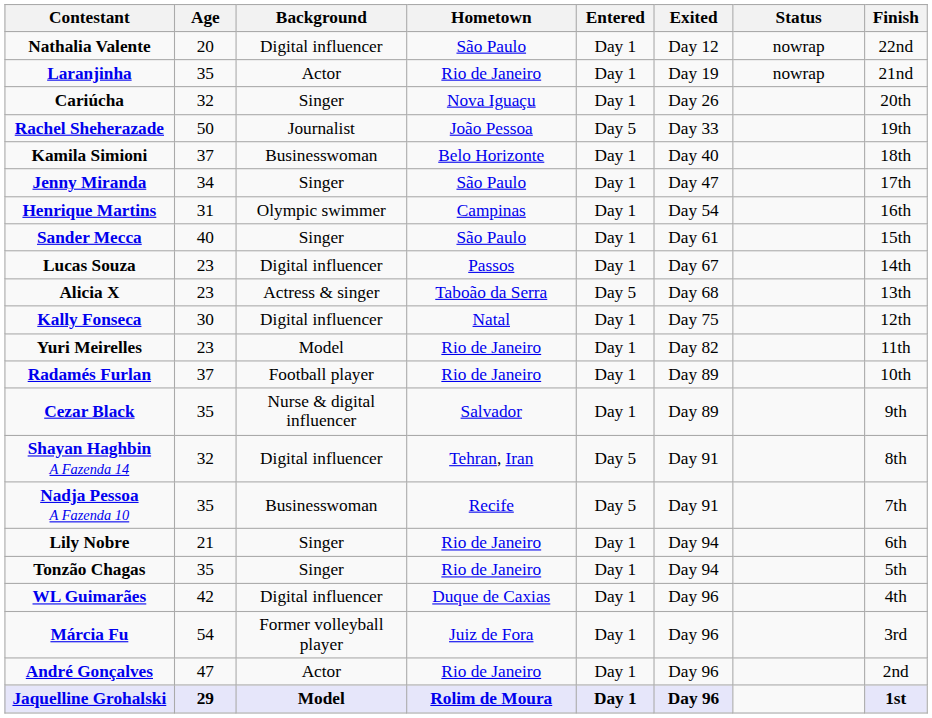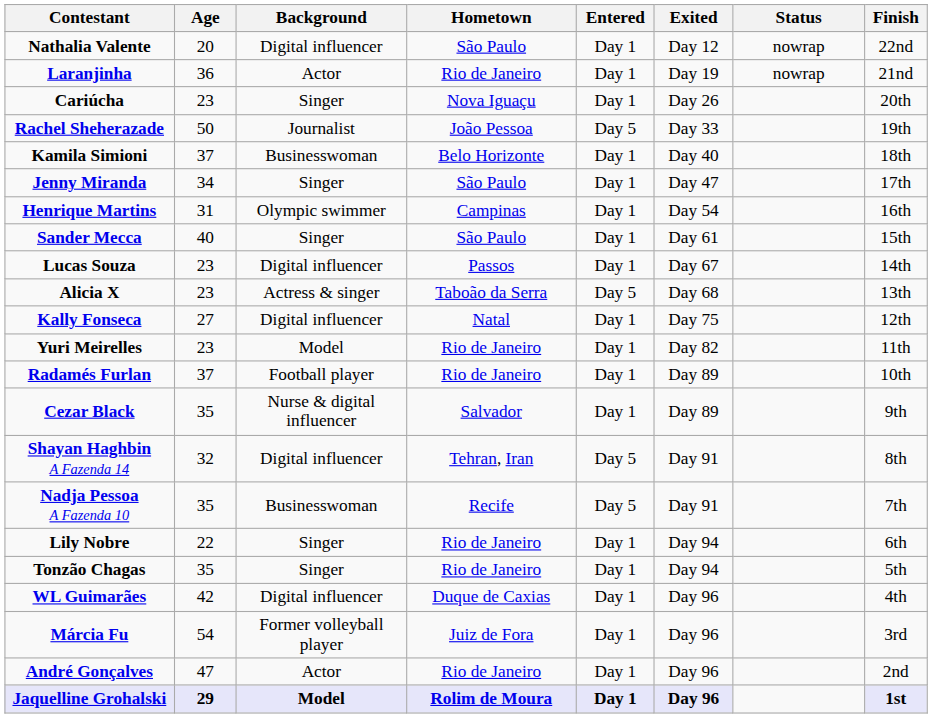 <table class= "wikitable sortable" style="text-align: center; margin:auto; align: center">
 <tr>
 <th width=150>Contestant</th>
 <th width=050>Age</th>
 <th width=150>Background </th>
 <th width=150>Hometown</th>
 <th width=065>Entered</th>
 <th width=065>Exited</th>
 <th width=115>Status</th>
 <th width=050>Finish</th>
 </tr>
 <tr>
 <td><strong>Nathalia Valente</strong></td>
 <td>20</td>
 <td>Digital influencer</td>
 <td><a href='#'>São Paulo</a></td>
 <td>Day 1</td>
 <td>Day 12</td>
 <td>nowrap </td>
 <td>22nd</td>
 </tr>
 <tr>
 <td><strong><a href='#'>Laranjinha</a></strong></td>
-<td>35</td>
+<td>36</td>
 <td>Actor</td>
 <td><a href='#'>Rio de Janeiro</a></td>
 <td>Day 1</td>
 <td>Day 19</td>
 <td>nowrap </td>
 <td>21nd</td>
 </tr>
 <tr>
 <td><strong>Cariúcha</strong></td>
-<td>32</td>
+<td>23</td>
 <td>Singer</td>
 <td><a href='#'>Nova Iguaçu</a></td>
 <td>Day 1</td>
 <td>Day 26</td>
 <td></td>
 <td>20th</td>
 </tr>
 <tr>
 <td><strong><a href='#'>Rachel Sheherazade</a></strong></td>
 <td>50</td>
 <td>Journalist</td>
 <td><a href='#'>João Pessoa</a></td>
 <td>Day 5</td>
 <td>Day 33</td>
 <td></td>
 <td>19th</td>
 </tr>
 <tr>
 <td><strong>Kamila Simioni</strong> </td>
 <td>37</td>
 <td>Businesswoman</td>
 <td><a href='#'>Belo Horizonte</a></td>
 <td>Day 1</td>
 <td>Day 40</td>
 <td></td>
 <td>18th</td>
 </tr>
 <tr>
 <td><strong><a href='#'>Jenny Miranda</a></strong></td>
 <td>34</td>
 <td>Singer</td>
 <td><a href='#'>São Paulo</a></td>
 <td>Day 1</td>
 <td>Day 47</td>
 <td></td>
 <td>17th</td>
 </tr>
 <tr>
 <td><strong><a href='#'>Henrique Martins</a></strong></td>
 <td>31</td>
 <td>Olympic swimmer</td>
 <td><a href='#'>Campinas</a></td>
 <td>Day 1</td>
 <td>Day 54</td>
 <td></td>
 <td>16th</td>
 </tr>
 <tr>
 <td><strong><a href='#'>Sander Mecca</a></strong></td>
 <td>40</td>
 <td>Singer</td>
 <td><a href='#'>São Paulo</a></td>
 <td>Day 1</td>
 <td>Day 61</td>
 <td></td>
 <td>15th</td>
 </tr>
 <tr>
 <td><strong>Lucas Souza</strong></td>
 <td>23</td>
 <td>Digital influencer</td>
 <td><a href='#'>Passos</a></td>
 <td>Day 1</td>
 <td>Day 67</td>
 <td></td>
 <td>14th</td>
 </tr>
 <tr>
 <td><strong>Alicia X</strong></td>
 <td>23</td>
 <td>Actress & singer</td>
 <td><a href='#'>Taboão da Serra</a></td>
 <td>Day 5</td>
 <td>Day 68</td>
 <td></td>
 <td>13th</td>
 </tr>
 <tr>
 <td><strong><a href='#'>Kally Fonseca</a></strong></td>
-<td>30</td>
+<td>27</td>
 <td>Digital influencer</td>
 <td><a href='#'>Natal</a></td>
 <td>Day 1</td>
 <td>Day 75</td>
 <td></td>
 <td>12th</td>
 </tr>
 <tr>
 <td><strong>Yuri Meirelles</strong></td>
 <td>23</td>
 <td>Model</td>
 <td><a href='#'>Rio de Janeiro</a></td>
 <td>Day 1</td>
 <td>Day 82</td>
 <td></td>
 <td>11th</td>
 </tr>
 <tr>
 <td><strong><a href='#'>Radamés Furlan</a></strong></td>
 <td>37</td>
 <td>Football player</td>
 <td><a href='#'>Rio de Janeiro</a></td>
 <td>Day 1</td>
 <td>Day 89</td>
 <td></td>
 <td>10th</td>
 </tr>
 <tr>
 <td nowrap><strong><a href='#'>Cezar Black</a></strong> </td>
 <td>35</td>
 <td>Nurse & digital influencer</td>
 <td><a href='#'>Salvador</a></td>
 <td>Day 1</td>
 <td>Day 89</td>
 <td></td>
 <td>9th</td>
 </tr>
 <tr>
 <td><strong><a href='#'>Shayan Haghbin</a></strong><br><small><em><a href='#'>A Fazenda 14</a></em></small></td>
 <td>32</td>
 <td>Digital influencer</td>
 <td><a href='#'>Tehran</a>, <a href='#'>Iran</a></td>
 <td>Day 5</td>
 <td>Day 91</td>
 <td></td>
 <td>8th</td>
 </tr>
 <tr>
 <td><strong><a href='#'>Nadja Pessoa</a></strong><br><small><em><a href='#'>A Fazenda 10</a></em></small></td>
 <td>35</td>
 <td>Businesswoman</td>
 <td><a href='#'>Recife</a></td>
 <td>Day 5</td>
 <td>Day 91</td>
 <td></td>
 <td>7th</td>
 </tr>
 <tr>
 <td><strong>Lily Nobre</strong></td>
-<td>21</td>
+<td>22</td>
 <td>Singer</td>
 <td><a href='#'>Rio de Janeiro</a></td>
 <td>Day 1</td>
 <td>Day 94</td>
 <td></td>
 <td>6th</td>
 </tr>
 <tr>
 <td><strong>Tonzão Chagas</strong></td>
 <td>35</td>
 <td>Singer</td>
 <td><a href='#'>Rio de Janeiro</a></td>
 <td>Day 1</td>
 <td>Day 94</td>
 <td></td>
 <td>5th</td>
 </tr>
 <tr>
 <td><strong><a href='#'>WL Guimarães</a></strong></td>
 <td>42</td>
 <td>Digital influencer</td>
 <td nowrap><a href='#'>Duque de Caxias</a></td>
 <td>Day 1</td>
 <td>Day 96</td>
 <td></td>
 <td>4th</td>
 </tr>
 <tr>
 <td><strong><a href='#'>Márcia Fu</a></strong></td>
 <td>54</td>
 <td>Former volleyball player</td>
 <td><a href='#'>Juiz de Fora</a></td>
 <td>Day 1</td>
 <td>Day 96</td>
 <td></td>
 <td>3rd</td>
 </tr>
 <tr>
 <td><strong><a href='#'>André Gonçalves</a></strong></td>
 <td>47</td>
 <td>Actor</td>
 <td><a href='#'>Rio de Janeiro</a></td>
 <td>Day 1</td>
 <td>Day 96</td>
 <td><br></td>
 <td>2nd</td>
 </tr>
 <tr>
 <td bgcolor="E6E6FA" nowrap><strong><a href='#'>Jaquelline Grohalski</a></strong></td>
 <td bgcolor="E6E6FA"><strong>29</strong></td>
 <td bgcolor="E6E6FA"><strong>Model</strong></td>
 <td bgcolor="E6E6FA"><strong><a href='#'>Rolim de Moura</a></strong></td>
 <td bgcolor="E6E6FA"><strong>Day 1</strong></td>
 <td bgcolor="E6E6FA"><strong>Day 96</strong></td>
 <td></td>
 <td bgcolor="E6E6FA"><strong>1st</strong></td>
 </tr>
 </table>
